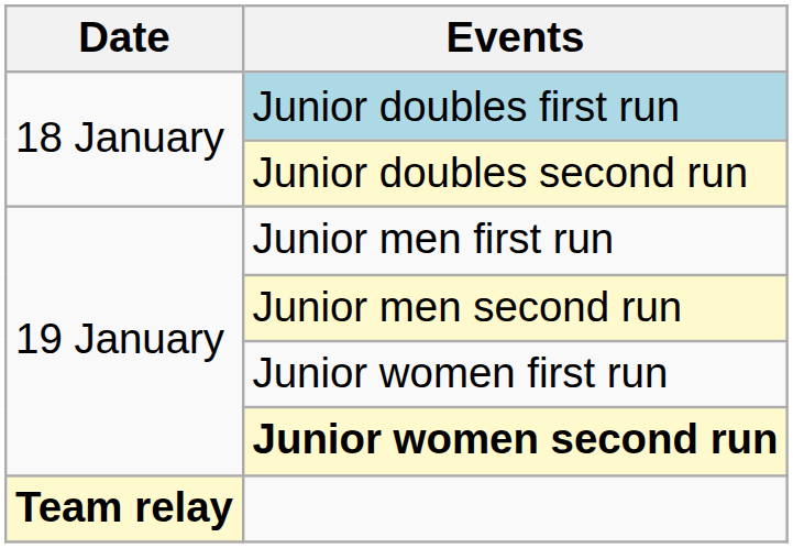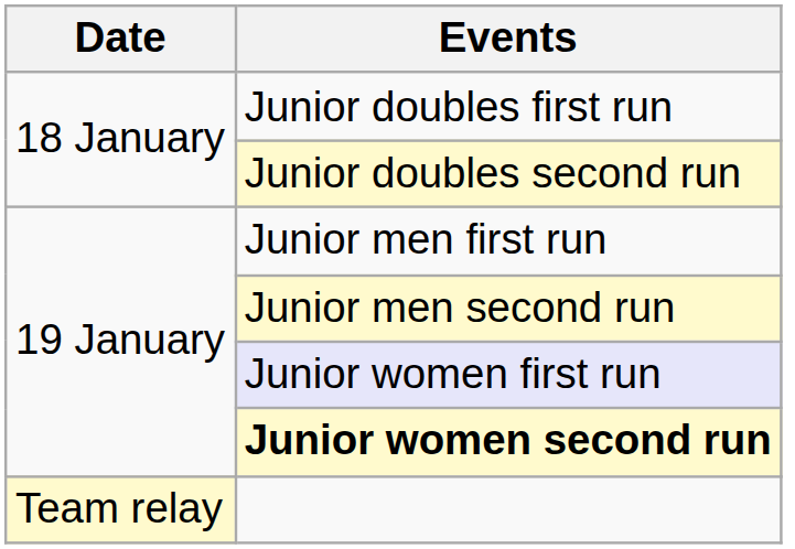 <table class="wikitable" border="1">
 <tr>
 <th>Date</th>
 <th>Events</th>
 </tr>
 <tr>
 <td rowspan=2>18 January</td>
-<td style="background: lightblue;">Junior doubles first run</td>
+<td>Junior doubles first run</td>
 </tr>
 <tr bgcolor=lemonchiffon>
 <td>Junior doubles second run</td>
 </tr>
 <tr>
 <td rowspan=5>19 January</td>
 <td>Junior men first run</td>
 </tr>
 <tr bgcolor=lemonchiffon>
 <td>Junior men second run</td>
 </tr>
 <tr>
-<td>Junior women first run</td>
+<td style="background: lavender;">Junior women first run</td>
 </tr>
 <tr bgcolor=lemonchiffon>
 <td><strong>Junior women second run</strong></td>
 </tr>
 <tr>
 </tr>
 <tr bgcolor=lemonchiffon>
-<td><strong>Team relay</strong></td>
+<td>Team relay</td>
 </tr>
 </table>
